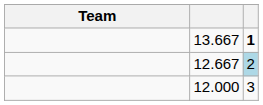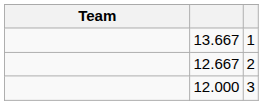 <table class="wikitable">
 <tr>
 </tr>
 <tr>
 <th width=190>Team</th>
 <th></th>
 <th></th>
 </tr>
 <tr>
 <td></td>
 <td align=right>13.667</td>
-<td align=center><strong>1</strong></td>
+<td align=center>1</td>
 </tr>
 <tr>
 <td></td>
 <td align=right>12.667</td>
-<td align=center style="background: lightblue;">2</td>
+<td align=center>2</td>
 </tr>
 <tr>
 <td></td>
 <td align=right>12.000</td>
 <td align=center>3</td>
 </tr>
 </table>
